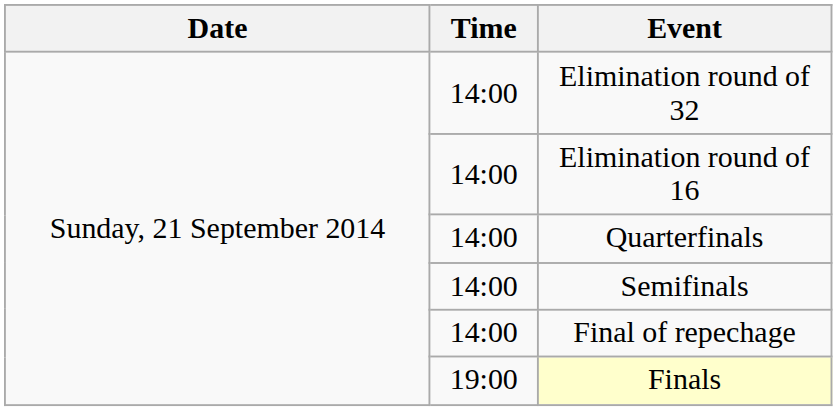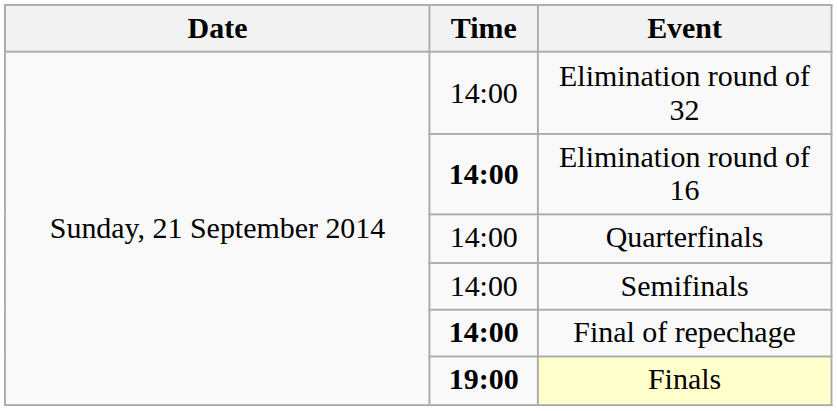 <table class = "wikitable" style="text-align:center;">
 <tr>
 <th width=220>Date</th>
 <th width=50>Time</th>
 <th width=150>Event</th>
 </tr>
 <tr>
 <td rowspan=6>Sunday, 21 September 2014</td>
 <td>14:00</td>
 <td>Elimination round of 32</td>
 </tr>
 <tr>
-<td>14:00</td>
+<td><strong>14:00</strong></td>
 <td>Elimination round of 16</td>
 </tr>
 <tr>
 <td>14:00</td>
 <td>Quarterfinals</td>
 </tr>
 <tr>
 <td>14:00</td>
 <td>Semifinals</td>
 </tr>
 <tr>
-<td>14:00</td>
+<td><strong>14:00</strong></td>
 <td>Final of repechage</td>
 </tr>
 <tr>
-<td>19:00</td>
+<td><strong>19:00</strong></td>
 <td bgcolor=ffffcc>Finals</td>
 </tr>
 </table>
